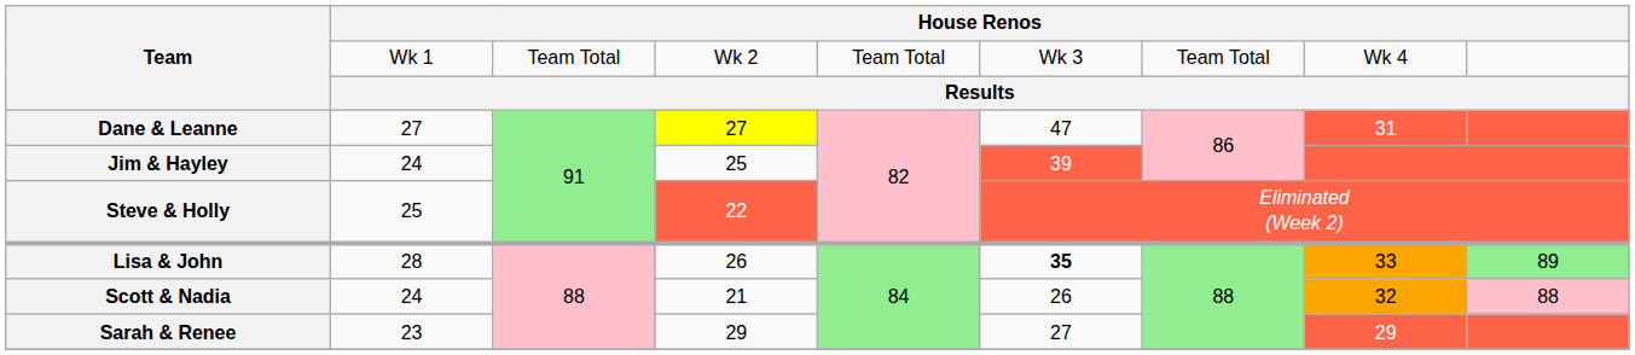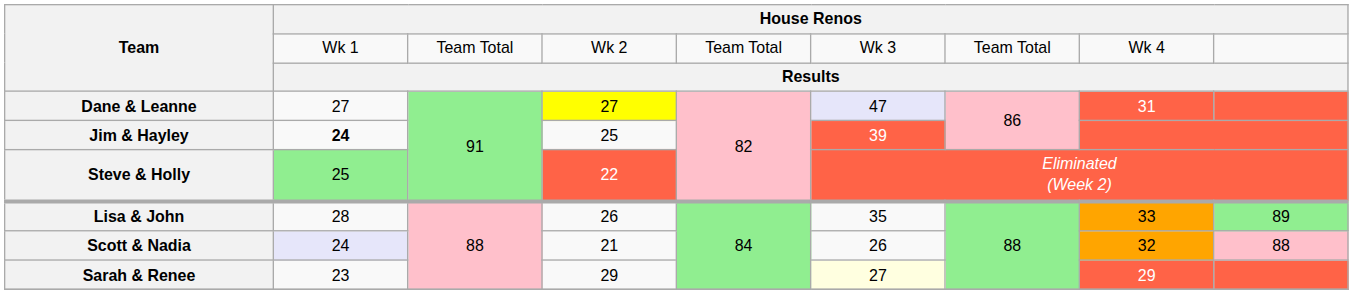 <table class="wikitable" style="text-align: center; font-size: 9pt; line-height:16px; width:80%">
 <tr>
 <th style="width:10%; text-align:centre;" rowspan="3">Team</th>
 <th colspan="9">House Renos</th>
 </tr>
 <tr>
 <td style="width:5%;">Wk 1</td>
 <td style="width:5%;">Team Total</td>
 <td style="width:5%;">Wk 2</td>
 <td style="width:5%;">Team Total</td>
 <td style="width:5%;">Wk 3</td>
 <td style="width:5%;">Team Total</td>
 <td style="width:5%;">Wk 4</td>
 <td style="width:5%;"></td>
 </tr>
 <tr>
 <th colspan="9">Results</th>
 </tr>
 <tr>
 <th style="font-size: 9pt" style="background:red; color:white;">Dane & Leanne</th>
 <td>27</td>
 <td rowspan="3" style="background:lightgreen; color:black;">91</td>
 <td style="background:#FFFF00; color:black;">27</td>
 <td rowspan="3" style="background:pink; color:black;">82</td>
-<td>47</td>
+<td style="background: lavender;">47</td>
 <td rowspan="2" style="background:pink; color:black;">86</td>
 <td style="background:tomato; color:white;">31</td>
 <td colspan="1" style="background:tomato; color:white;"></td>
 </tr>
 <tr>
 <th style="font-size: 9pt" style="background:red; color:white;">Jim & Hayley</th>
-<td>24</td>
+<td><strong>24</strong></td>
 <td>25</td>
 <td style="background:tomato; color:white;">39</td>
 <td colspan="4" style="background:tomato; color:white;"></td>
 </tr>
 <tr>
 <th style="font-size: 9pt" style="background:red; color:white;">Steve & Holly</th>
-<td>25</td>
+<td style="background: lightgreen;">25</td>
 <td style="background:tomato; color:white;">22</td>
 <td colspan="6" style="background:tomato; color:white;"><em>Eliminated<br>(Week 2)</em></td>
 </tr>
 <tr style="border-top:3px solid #aaa;">
 <th style="font-size: 9pt" style="background:blue; color:white;">Lisa & John</th>
 <td>28</td>
 <td rowspan="3" style="background:pink; color:black;">88</td>
 <td>26</td>
 <td rowspan="3" style="background:lightgreen; color:black;">84</td>
-<td><strong>35</strong></td>
+<td>35</td>
 <td rowspan="3" style="background:lightgreen; color:black;">88</td>
 <td style="background:orange; color:black;">33</td>
 <td style="background:lightgreen; color:black;">89</td>
 </tr>
 <tr>
 <th style="font-size: 9pt" style="background:blue; color:white;">Scott & Nadia</th>
-<td>24</td>
+<td style="background: lavender;">24</td>
 <td>21</td>
 <td>26</td>
 <td style="background:orange; color:black;">32</td>
 <td style="background:pink; color:black;">88</td>
 </tr>
 <tr>
 <th style="font-size: 9pt" style="background:blue; color:white;">Sarah & Renee</th>
 <td>23</td>
 <td>29</td>
-<td>27</td>
+<td style="background: lightyellow;">27</td>
 <td style="background:tomato; color:white;">29</td>
 <td colspan="1" style="background:tomato; color:white;"></td>
 </tr>
 <tr>
 </tr>
 </table>
